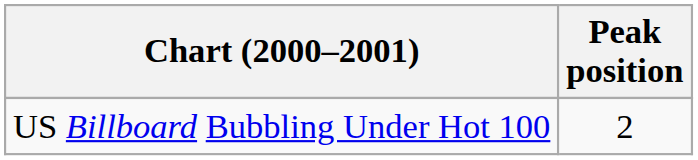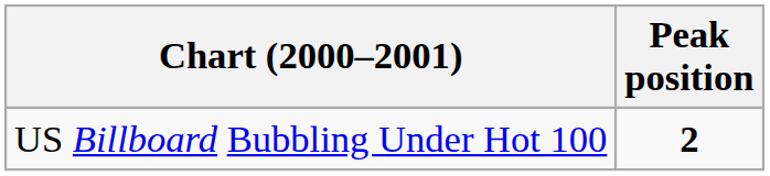 <table class="wikitable sortable">
 <tr>
 <th align="left">Chart (2000–2001)</th>
 <th align="center">Peak<br>position</th>
 </tr>
 <tr>
 </tr>
 <tr>
 <td>US <em><a href='#'>Billboard</a></em> <a href='#'>Bubbling Under Hot 100</a></td>
-<td align="center">2</td>
+<td align="center"><strong>2</strong></td>
 </tr>
 </table>
